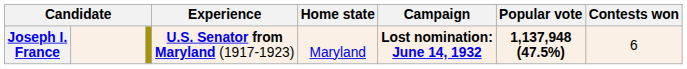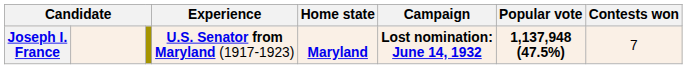 <table class="wikitable sortable" style="text-align:center;">
 <tr>
 <th colspan="3">Candidate</th>
 <th class="unsortable">Experience</th>
 <th>Home state</th>
 <th data-sort-type="date">Campaign</th>
 <th>Popular vote</th>
 <th>Contests won</th>
 </tr>
 <tr style="background:linen;">
 <th data-sort-="Hoover"><a href='#'>Joseph I.</a><br><a href='#'>France</a></th>
 <td style="min-width:80px;"></td>
 <td style="background:#a59400;"></td>
 <td><strong><a href='#'>U.S. Senator</a> from</strong><br><strong><a href='#'>Maryland</a></strong>  (1917-1923)</td>
-<td><br><a href='#'>Maryland</a></td>
+<td><strong><br><a href='#'>Maryland</a></strong></td>
 <td><strong>Lost nomination:</strong><br><strong><a href='#'>June 14, 1932</a></strong></td>
 <td><strong>1,137,948<br>(47.5%)</strong></td>
-<td>6</td>
+<td>7</td>
 </tr>
 </table>
